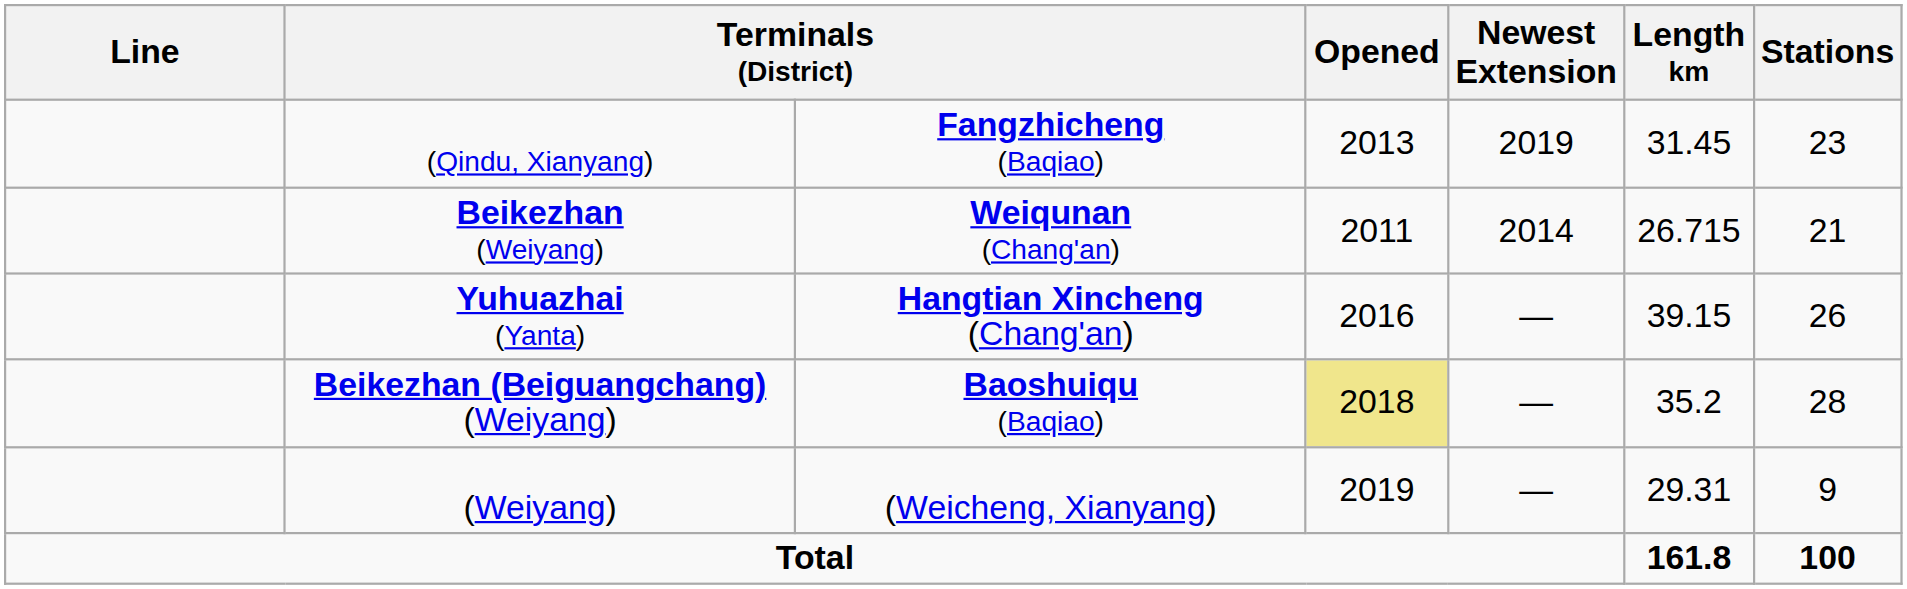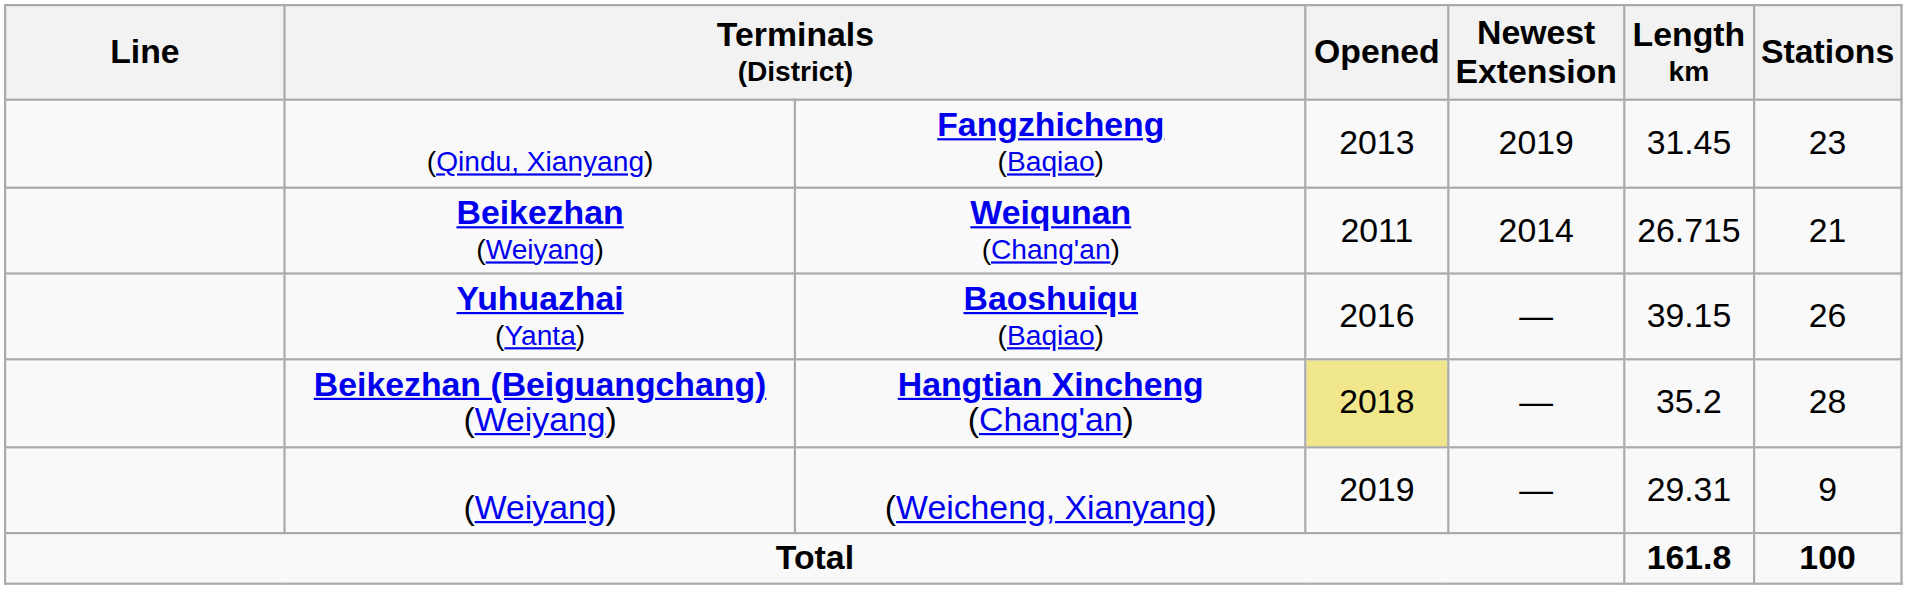 <table class="wikitable sortable" style="cell-padding:1.5; font-size:96%; text-align:center;">
 <tr>
 <th data-sort-type="text"style="width:120px;">Line</th>
 <th class="unsortable" colspan="2" style="width:450px; line-height:1.05">Terminals<br><small>(District)</small></th>
 <th>Opened</th>
 <th>Newest<br>Extension</th>
 <th style="line-height:1.05">Length<br><small>km</small></th>
 <th style="line-height:1.05">Stations</th>
 </tr>
 <tr>
 <td style="text-align:center; line-height:1.05"></td>
 <td style="text-align:center; width:225px; line-height:1.05"><strong></strong><small><br>(<a href='#'>Qindu, Xianyang</a>)</small></td>
 <td style="text-align:center; width:225px; line-height:1.05"><strong><a href='#'>Fangzhicheng</a></strong><small><br>(<a href='#'>Baqiao</a>)</small></td>
 <td style="text-align:center; line-height:1.05">2013</td>
 <td style="text-align:center; line-height:1.05">2019</td>
 <td style="text-align:center; line-height:1.05">31.45</td>
 <td style="text-align:center; line-height:1.05">23</td>
 </tr>
 <tr>
 <td style="text-align:center; line-height:1.05"></td>
 <td style="text-align:center; width:225px; line-height:1.05"><strong><a href='#'>Beikezhan</a></strong><small><br>(<a href='#'>Weiyang</a>)</small></td>
 <td style="text-align:center; width:225px; line-height:1.05"><strong><a href='#'>Weiqunan</a></strong><small><br>(<a href='#'>Chang'an</a>)</small></td>
 <td style="text-align:center; line-height:1.05">2011</td>
 <td style="text-align:center; line-height:1.05">2014</td>
 <td style="text-align:center; line-height:1.05">26.715</td>
 <td style="text-align:center; line-height:1.05">21</td>
 </tr>
 <tr>
 <td style="text-align:center; line-height:1.05"></td>
 <td style="text-align:center; width:225px; line-height:1.05"><strong><a href='#'>Yuhuazhai</a></strong><small><br>(<a href='#'>Yanta</a>)</small></td>
-<td style="text-align:center; width:225px; line-height:1.05"><strong><a href='#'>Hangtian Xincheng</a></strong><br>(<a href='#'>Chang'an</a>)</td>
+<td style="text-align:center; width:225px; line-height:1.05"><strong><a href='#'>Baoshuiqu</a></strong><small><br>(<a href='#'>Baqiao</a>)</small></td>
 <td style="text-align:center; line-height:1.05">2016</td>
 <td style="text-align:center; line-height:1.05">—</td>
 <td style="text-align:center; line-height:1.05">39.15</td>
 <td style="text-align:center; line-height:1.05">26</td>
 </tr>
 <tr>
 <td style="text-align:center; line-height:1.05"></td>
 <td style="text-align:center; width:225px; line-height:1.05"><strong><a href='#'>Beikezhan (Beiguangchang)</a></strong><br>(<a href='#'>Weiyang</a>)</td>
-<td style="text-align:center; width:225px; line-height:1.05"><strong><a href='#'>Baoshuiqu</a></strong><small><br>(<a href='#'>Baqiao</a>)</small></td>
+<td style="text-align:center; width:225px; line-height:1.05"><strong><a href='#'>Hangtian Xincheng</a></strong><br>(<a href='#'>Chang'an</a>)</td>
 <td style="background: khaki; text-align:center; line-height:1.05">2018</td>
 <td style="text-align:center; line-height:1.05">—</td>
 <td style="text-align:center; line-height:1.05">35.2</td>
 <td style="text-align:center; line-height:1.05">28</td>
 </tr>
 <tr>
 <td style="text-align:center; line-height:1.05"></td>
 <td style="text-align:center; width:225px; line-height:1.05"><strong></strong><br>(<a href='#'>Weiyang</a>)</td>
 <td style="text-align:center; width:225px; line-height:1.05"><strong></strong><br>(<a href='#'>Weicheng, Xianyang</a>)</td>
 <td style="text-align:center; line-height:1.05">2019</td>
 <td style="text-align:center; line-height:1.05">—</td>
 <td style="text-align:center; line-height:1.05">29.31</td>
 <td style="text-align:center; line-height:1.05">9</td>
 </tr>
 <tr class="sortbottom">
 <td style="text-align:center; line-height:1.05" colspan="5"><strong>Total</strong></td>
 <td style="text-align:center; line-height:1.05"><strong>161.8</strong></td>
 <td style="text-align:center; line-height:1.05"><strong>100</strong></td>
 </tr>
 </table>
